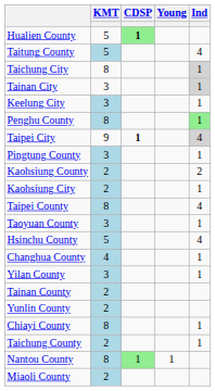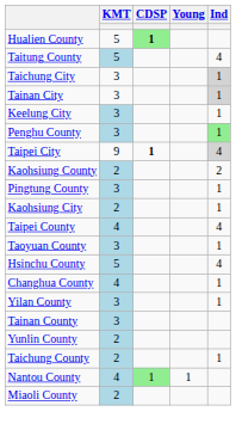 <table class="wikitable" style="text-align:center;">
 <tr>
 <th rowspan="2"></th>
 <th><a href='#'>KMT</a></th>
 <th><a href='#'>CDSP</a></th>
 <th><a href='#'>Young</a></th>
 <th><a href='#'>Ind</a></th>
 </tr>
 <tr>
 <th style="background:"></th>
 <th style="background:"></th>
 <th style="background:"></th>
 <th style="background:"></th>
 </tr>
 <tr>
 <td align="left"><a href='#'>Hualien County</a></td>
 <td>5</td>
 <td bgcolor="lightgreen"><strong>1</strong></td>
 <td></td>
 <td></td>
 </tr>
 <tr>
 <td align="left"><a href='#'>Taitung County</a></td>
 <td bgcolor="lightblue">5</td>
 <td></td>
 <td></td>
 <td>4</td>
 </tr>
 <tr>
 <td align="left"><a href='#'>Taichung City</a></td>
-<td>8</td>
+<td>3</td>
 <td></td>
 <td></td>
 <td bgcolor="lightgray">1</td>
 </tr>
 <tr>
 <td align="left"><a href='#'>Tainan City</a></td>
 <td>3</td>
 <td></td>
 <td></td>
 <td bgcolor="lightgray">1</td>
 </tr>
 <tr>
 <td align="left"><a href='#'>Keelung City</a></td>
 <td bgcolor="lightblue">3</td>
 <td></td>
 <td></td>
 <td>1</td>
 </tr>
 <tr>
 <td align="left"><a href='#'>Penghu County</a></td>
-<td bgcolor="lightblue">8</td>
+<td bgcolor="lightblue">3</td>
 <td></td>
 <td></td>
 <td style="background: lightgreen;">1</td>
 </tr>
 <tr>
 <td align="left"><a href='#'>Taipei City</a></td>
 <td>9</td>
 <td><strong>1</strong></td>
 <td></td>
 <td bgcolor="lightgray">4</td>
 </tr>
 <tr>
+<td align="left"><a href='#'>Kaohsiung County</a></td>
+<td bgcolor="lightblue">2</td>
+<td></td>
+<td></td>
+<td>2</td>
+</tr>
+<tr>
 <td align="left"><a href='#'>Pingtung County</a></td>
 <td bgcolor="lightblue">3</td>
 <td></td>
 <td></td>
 <td>1</td>
-</tr>
-<tr>
-<td align="left"><a href='#'>Kaohsiung County</a></td>
-<td bgcolor="lightblue">2</td>
-<td></td>
-<td></td>
-<td>2</td>
 </tr>
 <tr>
 <td align="left"><a href='#'>Kaohsiung City</a></td>
 <td bgcolor="lightblue">2</td>
 <td></td>
 <td></td>
 <td>1</td>
 </tr>
 <tr>
 <td align="left"><a href='#'>Taipei County</a></td>
-<td bgcolor="lightblue">8</td>
+<td bgcolor="lightblue">4</td>
 <td></td>
 <td></td>
 <td>4</td>
 </tr>
 <tr>
 <td align="left"><a href='#'>Taoyuan County</a></td>
 <td bgcolor="lightblue">3</td>
 <td></td>
 <td></td>
 <td>1</td>
 </tr>
 <tr>
 <td align="left"><a href='#'>Hsinchu County</a></td>
 <td bgcolor="lightblue">5</td>
 <td></td>
 <td></td>
 <td>4</td>
 </tr>
 <tr>
 <td align="left"><a href='#'>Changhua County</a></td>
 <td bgcolor="lightblue">4</td>
 <td></td>
 <td></td>
 <td>1</td>
 </tr>
 <tr>
 <td align="left"><a href='#'>Yilan County</a></td>
 <td bgcolor="lightblue">3</td>
 <td></td>
 <td></td>
 <td>1</td>
 </tr>
 <tr>
 <td align="left"><a href='#'>Tainan County</a></td>
-<td bgcolor="lightblue">2</td>
+<td bgcolor="lightblue">3</td>
 <td></td>
 <td></td>
 <td></td>
 </tr>
 <tr>
 <td align="left"><a href='#'>Yunlin County</a></td>
 <td bgcolor="lightblue">2</td>
 <td></td>
 <td></td>
 <td></td>
 </tr>
 <tr>
-<td align="left"><a href='#'>Chiayi County</a></td>
-<td bgcolor="lightblue">8</td>
-<td></td>
-<td></td>
-<td>1</td>
-</tr>
-<tr>
 <td align="left"><a href='#'>Taichung County</a></td>
 <td bgcolor="lightblue">2</td>
 <td></td>
 <td></td>
 <td>1</td>
 </tr>
 <tr>
 <td align="left"><a href='#'>Nantou County</a></td>
-<td bgcolor="lightblue">8</td>
+<td bgcolor="lightblue">4</td>
 <td style="background: lightgreen;">1</td>
 <td>1</td>
 <td></td>
 </tr>
 <tr>
 <td align="left"><a href='#'>Miaoli County</a></td>
 <td bgcolor="lightblue">2</td>
 <td></td>
 <td></td>
 <td></td>
 </tr>
 </table>
